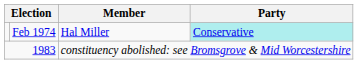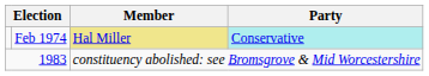 <table class="wikitable">
 <tr>
 <th colspan="2">Election</th>
 <th>Member</th>
 <th>Party</th>
 </tr>
 <tr>
 <td style="color:inherit;background-color: "></td>
 <td><a href='#'>Feb 1974</a></td>
-<td><a href='#'>Hal Miller</a></td>
+<td style="background: khaki;"><a href='#'>Hal Miller</a></td>
 <td style="background: paleturquoise;"><a href='#'>Conservative</a></td>
 </tr>
 <tr>
 <td colspan="2" align="right"><a href='#'>1983</a></td>
 <td colspan="2"><em>constituency abolished: see <a href='#'>Bromsgrove</a> & <a href='#'>Mid Worcestershire</a></em></td>
 </tr>
 </table>
